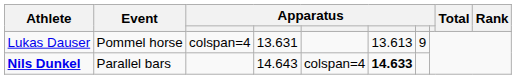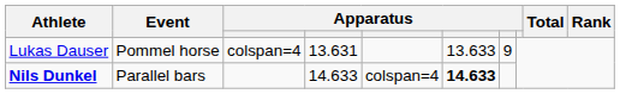 <table class="wikitable" style="font-size:90%">
 <tr>
 <th rowspan=2>Athlete</th>
 <th rowspan=2>Event</th>
 <th colspan=6>Apparatus</th>
 <th rowspan=2>Total</th>
 <th rowspan=2>Rank</th>
 </tr>
 <tr style="font-size:95%">
 <th></th>
 <th></th>
 <th></th>
 <th></th>
 <th></th>
 <th></th>
 </tr>
 <tr align=center>
 <td align=left><a href='#'>Lukas Dauser</a></td>
 <td align=left>Pommel horse</td>
 <td>colspan=4</td>
 <td>13.631</td>
 <td></td>
-<td>13.613</td>
+<td>13.633</td>
 <td>9</td>
 </tr>
 <tr align=center>
 <td align=left><strong><a href='#'>Nils Dunkel</a></strong></td>
 <td align=left>Parallel bars</td>
 <td></td>
-<td>14.643</td>
+<td>14.633</td>
 <td>colspan=4</td>
 <td><strong>14.633</strong></td>
 <td></td>
 </tr>
 </table>
